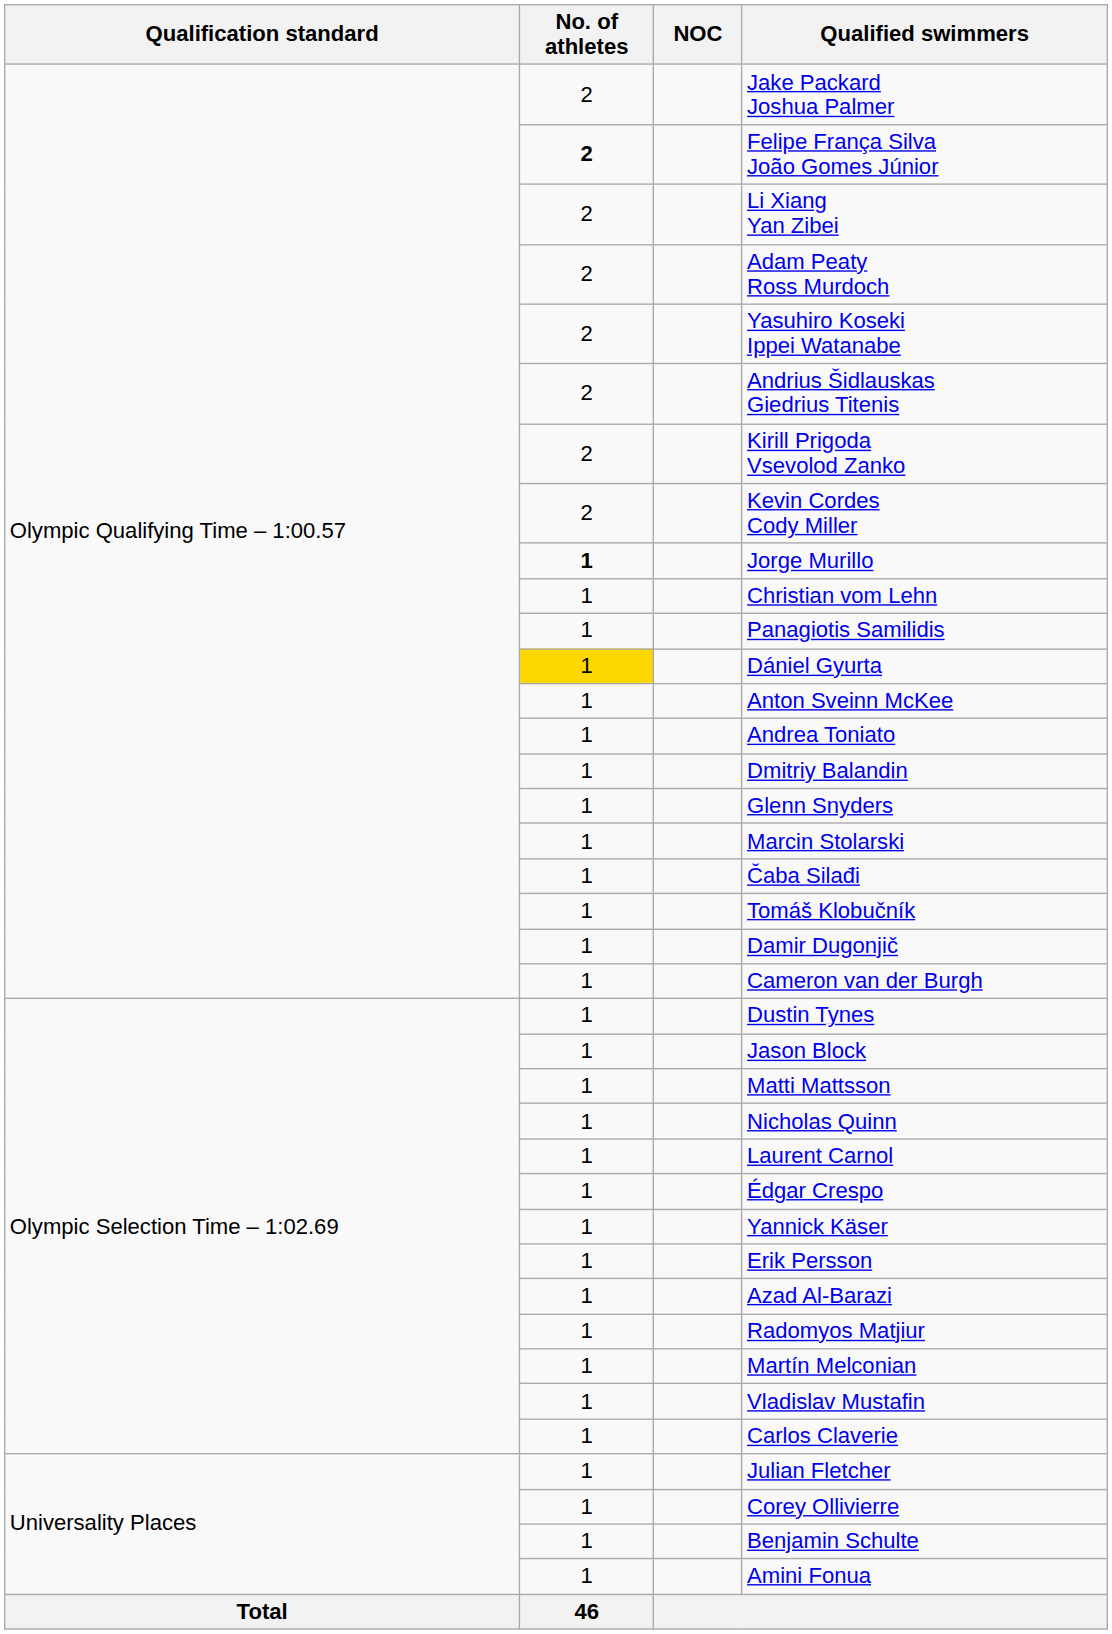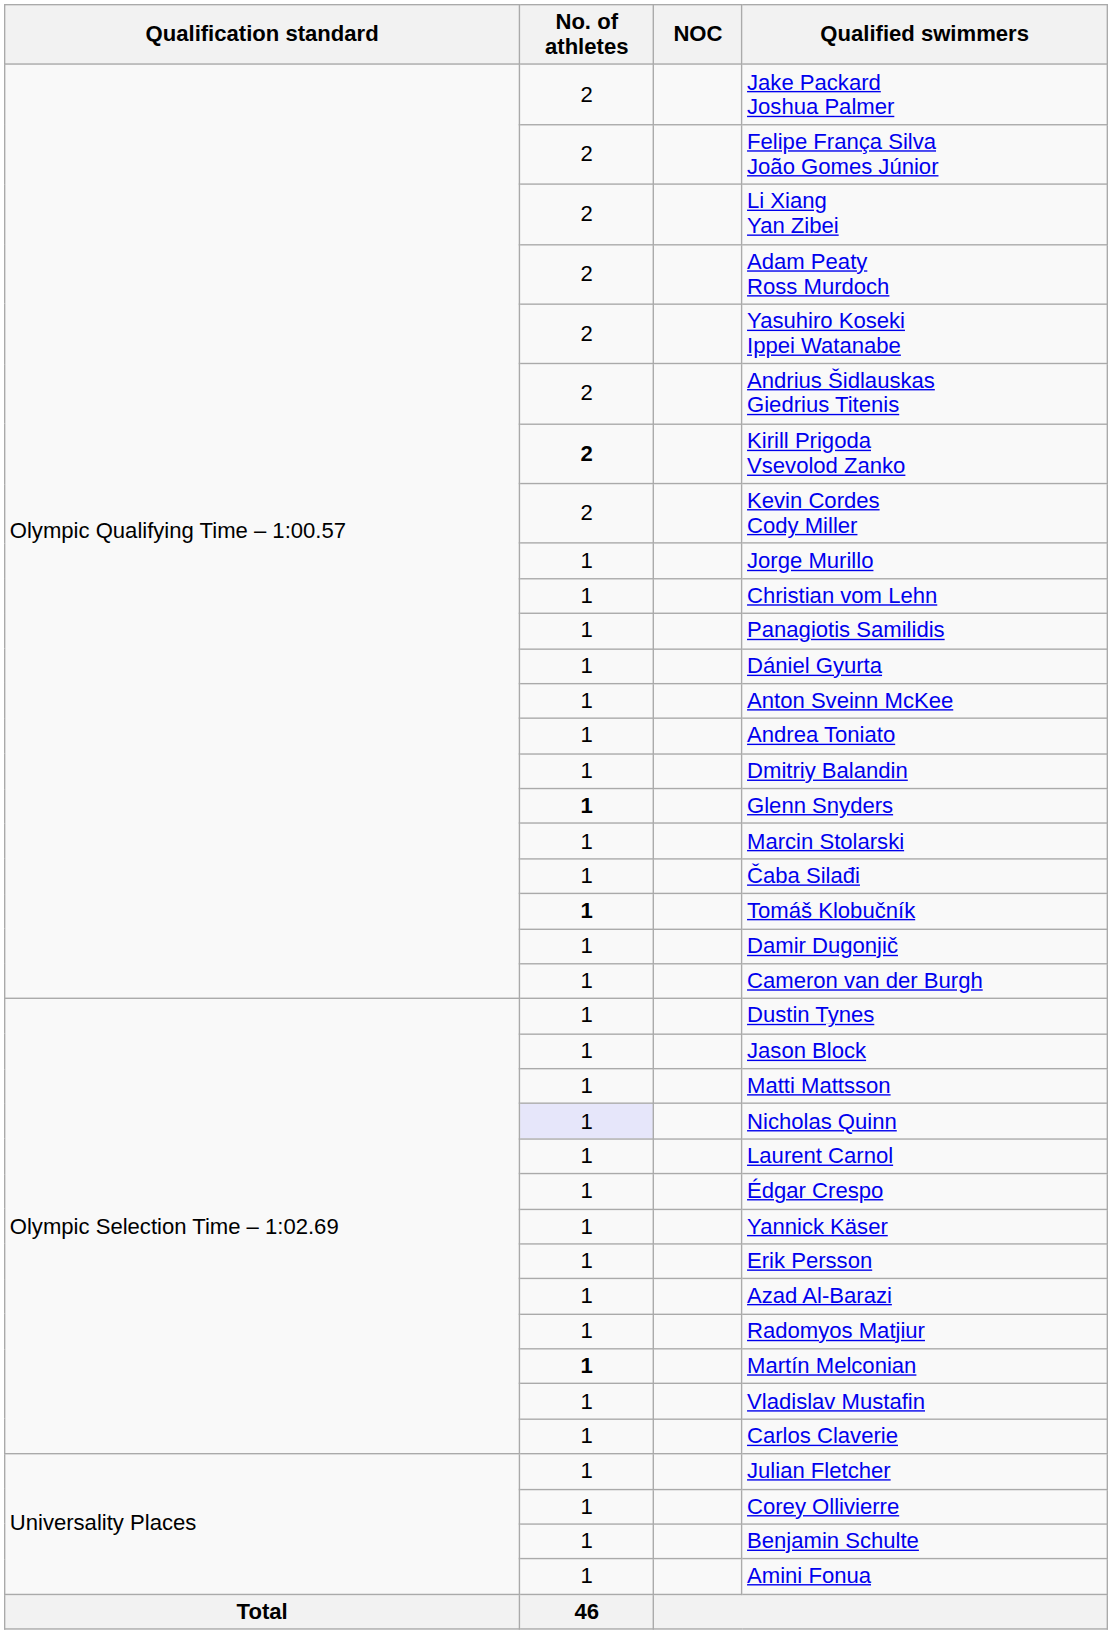 <table class=wikitable style="text-align:left" width=800>
 <tr>
 <th>Qualification standard</th>
 <th width=90>No. of athletes</th>
 <th>NOC</th>
 <th>Qualified swimmers</th>
 </tr>
 <tr>
 <td rowspan=21>Olympic Qualifying Time – 1:00.57</td>
 <td align=center>2</td>
 <td></td>
 <td><a href='#'>Jake Packard</a><br><a href='#'>Joshua Palmer</a></td>
 </tr>
 <tr>
-<td align=center><strong>2</strong></td>
+<td align=center>2</td>
 <td></td>
 <td><a href='#'>Felipe França Silva</a><br><a href='#'>João Gomes Júnior</a></td>
 </tr>
 <tr>
 <td align=center>2</td>
 <td></td>
 <td><a href='#'>Li Xiang</a><br><a href='#'>Yan Zibei</a></td>
 </tr>
 <tr>
 <td align=center>2</td>
 <td></td>
 <td><a href='#'>Adam Peaty</a><br><a href='#'>Ross Murdoch</a></td>
 </tr>
 <tr>
 <td align=center>2</td>
 <td></td>
 <td><a href='#'>Yasuhiro Koseki</a><br><a href='#'>Ippei Watanabe</a></td>
 </tr>
 <tr>
 <td align=center>2</td>
 <td></td>
 <td><a href='#'>Andrius Šidlauskas</a><br><a href='#'>Giedrius Titenis</a></td>
 </tr>
 <tr>
-<td align=center>2</td>
+<td align=center><strong>2</strong></td>
 <td></td>
 <td><a href='#'>Kirill Prigoda</a><br><a href='#'>Vsevolod Zanko</a></td>
 </tr>
 <tr>
 <td align=center>2</td>
 <td></td>
 <td><a href='#'>Kevin Cordes</a><br><a href='#'>Cody Miller</a></td>
 </tr>
 <tr>
-<td align=center><strong>1</strong></td>
+<td align=center>1</td>
 <td></td>
 <td><a href='#'>Jorge Murillo</a></td>
 </tr>
 <tr>
 <td align=center>1</td>
 <td></td>
 <td><a href='#'>Christian vom Lehn</a></td>
 </tr>
 <tr>
 <td align=center>1</td>
 <td></td>
 <td><a href='#'>Panagiotis Samilidis</a></td>
 </tr>
 <tr>
-<td align=center style="background: gold;">1</td>
+<td align=center>1</td>
 <td></td>
 <td><a href='#'>Dániel Gyurta</a></td>
 </tr>
 <tr>
 <td align=center>1</td>
 <td></td>
 <td><a href='#'>Anton Sveinn McKee</a></td>
 </tr>
 <tr>
 <td align=center>1</td>
 <td></td>
 <td><a href='#'>Andrea Toniato</a></td>
 </tr>
 <tr>
 <td align=center>1</td>
 <td></td>
 <td><a href='#'>Dmitriy Balandin</a></td>
 </tr>
 <tr>
-<td align=center>1</td>
+<td align=center><strong>1</strong></td>
 <td></td>
 <td><a href='#'>Glenn Snyders</a></td>
 </tr>
 <tr>
 <td align=center>1</td>
 <td></td>
 <td><a href='#'>Marcin Stolarski</a></td>
 </tr>
 <tr>
 <td align=center>1</td>
 <td></td>
 <td><a href='#'>Čaba Silađi</a></td>
 </tr>
 <tr>
-<td align=center>1</td>
+<td align=center><strong>1</strong></td>
 <td></td>
 <td><a href='#'>Tomáš Klobučník</a></td>
 </tr>
 <tr>
 <td align=center>1</td>
 <td></td>
 <td><a href='#'>Damir Dugonjič</a></td>
 </tr>
 <tr>
 <td align=center>1</td>
 <td></td>
 <td><a href='#'>Cameron van der Burgh</a></td>
 </tr>
 <tr>
 <td rowspan=13>Olympic Selection Time – 1:02.69</td>
 <td align=center>1</td>
 <td></td>
 <td><a href='#'>Dustin Tynes</a></td>
 </tr>
 <tr>
 <td align=center>1</td>
 <td></td>
 <td><a href='#'>Jason Block</a></td>
 </tr>
 <tr>
 <td align=center>1</td>
 <td></td>
 <td><a href='#'>Matti Mattsson</a></td>
 </tr>
 <tr>
-<td align=center>1</td>
+<td align=center style="background: lavender;">1</td>
 <td></td>
 <td><a href='#'>Nicholas Quinn</a></td>
 </tr>
 <tr>
 <td align=center>1</td>
 <td></td>
 <td><a href='#'>Laurent Carnol</a></td>
 </tr>
 <tr>
 <td align=center>1</td>
 <td></td>
 <td><a href='#'>Édgar Crespo</a></td>
 </tr>
 <tr>
 <td align=center>1</td>
 <td></td>
 <td><a href='#'>Yannick Käser</a></td>
 </tr>
 <tr>
 <td align=center>1</td>
 <td></td>
 <td><a href='#'>Erik Persson</a></td>
 </tr>
 <tr>
 <td align=center>1</td>
 <td></td>
 <td><a href='#'>Azad Al-Barazi</a></td>
 </tr>
 <tr>
 <td align=center>1</td>
 <td></td>
 <td><a href='#'>Radomyos Matjiur</a></td>
 </tr>
 <tr>
-<td align=center>1</td>
+<td align=center><strong>1</strong></td>
 <td></td>
 <td><a href='#'>Martín Melconian</a></td>
 </tr>
 <tr>
 <td align=center>1</td>
 <td></td>
 <td><a href='#'>Vladislav Mustafin</a></td>
 </tr>
 <tr>
 <td align=center>1</td>
 <td></td>
 <td><a href='#'>Carlos Claverie</a></td>
 </tr>
 <tr>
 <td rowspan=4>Universality Places</td>
 <td align=center>1</td>
 <td></td>
 <td><a href='#'>Julian Fletcher</a></td>
 </tr>
 <tr>
 <td align=center>1</td>
 <td></td>
 <td><a href='#'>Corey Ollivierre</a></td>
 </tr>
 <tr>
 <td align=center>1</td>
 <td></td>
 <td><a href='#'>Benjamin Schulte</a></td>
 </tr>
 <tr>
 <td align=center>1</td>
 <td></td>
 <td><a href='#'>Amini Fonua</a></td>
 </tr>
 <tr>
 <th><strong>Total</strong></th>
 <th>46</th>
 <th colspan=2></th>
 </tr>
 </table>
